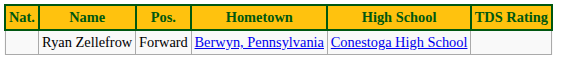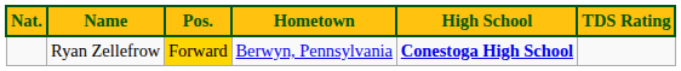 <table class="wikitable sortable" style="text-align:left; font-size:90%; max-width:1100px;">
 <tr>
 <th style="background-color:#ffc20e; color:#005710; border:2px solid #005710;" scope="col">Nat.</th>
 <th style="background-color:#ffc20e; color:#005710; border:2px solid #005710;" scope="col">Name</th>
 <th style="background-color:#ffc20e; color:#005710; border:2px solid #005710;" scope="col">Pos.</th>
 <th style="background-color:#ffc20e; color:#005710; border:2px solid #005710;" scope="col">Hometown</th>
 <th style="background-color:#ffc20e; color:#005710; border:2px solid #005710;" scope="col">High School</th>
 <th style="background-color:#ffc20e; color:#005710; border:2px solid #005710;" scope="col">TDS Rating</th>
 </tr>
 <tr>
 <td style="text-align:center"></td>
 <td style="text-align:center">Ryan Zellefrow</td>
-<td style="text-align:center">Forward</td>
+<td style="background: gold; text-align:center">Forward</td>
 <td style="text-align:center"><a href='#'>Berwyn, Pennsylvania</a></td>
-<td style="text-align:center"><a href='#'>Conestoga High School</a></td>
+<td style="text-align:center"><strong><a href='#'>Conestoga High School</a></strong></td>
 <td style="text-align:center"></td>
 </tr>
 <tr>
 </tr>
 </table>
